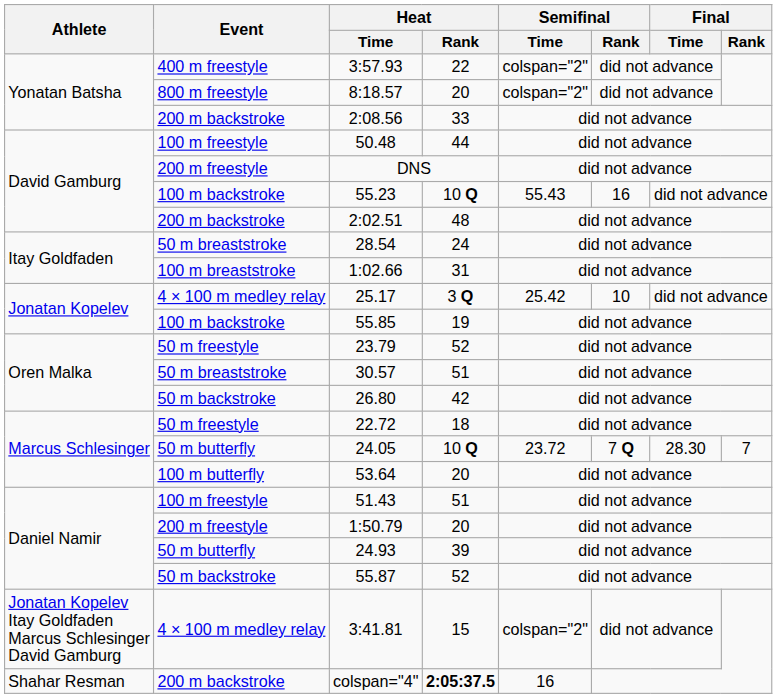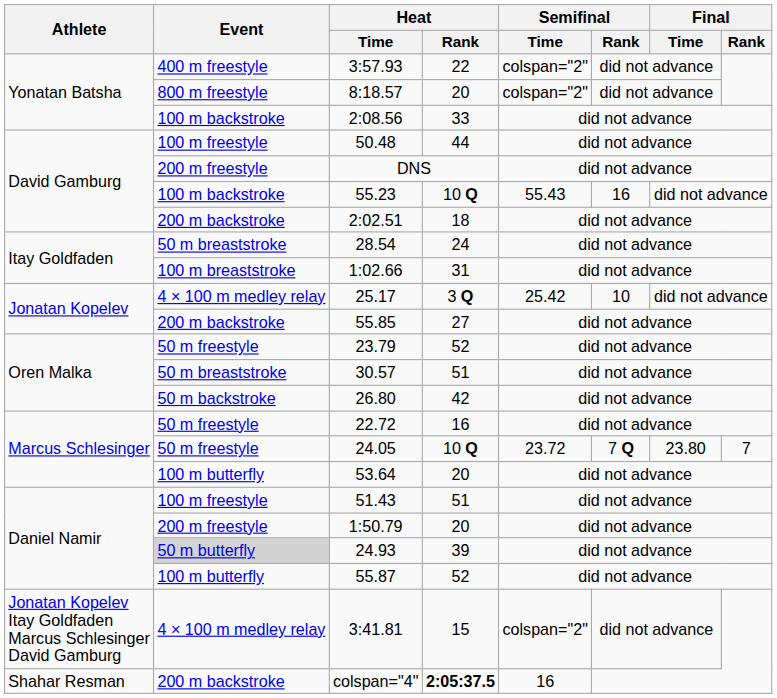 <table class=wikitable style="font-size:90%">
 <tr>
 <th rowspan="2">Athlete</th>
 <th rowspan="2">Event</th>
 <th colspan="2">Heat</th>
 <th colspan="2">Semifinal</th>
 <th colspan="2">Final</th>
 </tr>
 <tr style="font-size:95%">
 <th>Time</th>
 <th>Rank</th>
 <th>Time</th>
 <th>Rank</th>
 <th>Time</th>
 <th>Rank</th>
 </tr>
 <tr align=center>
 <td align=left rowspan="3">Yonatan Batsha</td>
 <td align=left><a href='#'>400 m freestyle</a></td>
 <td>3:57.93</td>
 <td>22</td>
 <td>colspan="2" </td>
 <td colspan="2">did not advance</td>
 </tr>
 <tr align=center>
 <td align=left><a href='#'>800 m freestyle</a></td>
 <td>8:18.57</td>
 <td>20</td>
 <td>colspan="2" </td>
 <td colspan="2">did not advance</td>
 </tr>
 <tr align=center>
-<td align=left><a href='#'>200 m backstroke</a></td>
+<td align=left><a href='#'>100 m backstroke</a></td>
 <td>2:08.56</td>
 <td>33</td>
 <td colspan="4">did not advance</td>
 </tr>
 <tr align=center>
 <td align=left rowspan="4">David Gamburg</td>
 <td align=left><a href='#'>100 m freestyle</a></td>
 <td>50.48</td>
 <td>44</td>
 <td colspan="4">did not advance</td>
 </tr>
 <tr align=center>
 <td align=left><a href='#'>200 m freestyle</a></td>
 <td colspan="2">DNS</td>
 <td colspan="4">did not advance</td>
 </tr>
 <tr align=center>
 <td align=left><a href='#'>100 m backstroke</a></td>
 <td>55.23</td>
 <td>10 <strong>Q</strong></td>
 <td>55.43</td>
 <td>16</td>
 <td colspan="2">did not advance</td>
 </tr>
 <tr align=center>
 <td align=left><a href='#'>200 m backstroke</a></td>
 <td>2:02.51</td>
-<td>48</td>
+<td>18</td>
 <td colspan="4">did not advance</td>
 </tr>
 <tr align=center>
 <td align=left rowspan="2">Itay Goldfaden</td>
 <td align=left><a href='#'>50 m breaststroke</a></td>
 <td>28.54</td>
 <td>24</td>
 <td colspan="4">did not advance</td>
 </tr>
 <tr align=center>
 <td align=left><a href='#'>100 m breaststroke</a></td>
 <td>1:02.66</td>
 <td>31</td>
 <td colspan="4">did not advance</td>
 </tr>
 <tr align=center>
 <td align=left rowspan="2"><a href='#'>Jonatan Kopelev</a></td>
 <td align=left><a href='#'>4 × 100 m medley relay</a></td>
 <td>25.17</td>
 <td>3 <strong>Q</strong></td>
 <td>25.42</td>
 <td>10</td>
 <td colspan="2">did not advance</td>
 </tr>
 <tr align=center>
-<td align=left><a href='#'>100 m backstroke</a></td>
+<td align=left><a href='#'>200 m backstroke</a></td>
 <td>55.85</td>
-<td>19</td>
+<td>27</td>
 <td colspan="4">did not advance</td>
 </tr>
 <tr align=center>
 <td align=left rowspan="3">Oren Malka</td>
 <td align=left><a href='#'>50 m freestyle</a></td>
 <td>23.79</td>
 <td>52</td>
 <td colspan="4">did not advance</td>
 </tr>
 <tr align=center>
 <td align=left><a href='#'>50 m breaststroke</a></td>
 <td>30.57</td>
 <td>51</td>
 <td colspan="4">did not advance</td>
 </tr>
 <tr align=center>
 <td align=left><a href='#'>50 m backstroke</a></td>
 <td>26.80</td>
 <td>42</td>
 <td colspan="4">did not advance</td>
 </tr>
 <tr align=center>
 <td align=left rowspan="3"><a href='#'>Marcus Schlesinger</a></td>
 <td align=left><a href='#'>50 m freestyle</a></td>
 <td>22.72</td>
-<td>18</td>
+<td>16</td>
 <td colspan="4">did not advance</td>
 </tr>
 <tr align=center>
-<td align=left><a href='#'>50 m butterfly</a></td>
+<td align=left><a href='#'>50 m freestyle</a></td>
 <td>24.05</td>
 <td>10 <strong>Q</strong></td>
 <td>23.72</td>
 <td>7 <strong>Q</strong></td>
-<td>28.30</td>
+<td>23.80</td>
 <td>7</td>
 </tr>
 <tr align=center>
 <td align=left><a href='#'>100 m butterfly</a></td>
 <td>53.64</td>
 <td>20</td>
 <td colspan="4">did not advance</td>
 </tr>
 <tr align=center>
 <td align=left rowspan="4">Daniel Namir</td>
 <td align=left><a href='#'>100 m freestyle</a></td>
 <td>51.43</td>
 <td>51</td>
 <td colspan="4">did not advance</td>
 </tr>
 <tr align=center>
 <td align=left><a href='#'>200 m freestyle</a></td>
 <td>1:50.79</td>
 <td>20</td>
 <td colspan="4">did not advance</td>
 </tr>
 <tr align=center>
-<td align=left><a href='#'>50 m butterfly</a></td>
+<td align=left style="background: lightgrey;"><a href='#'>50 m butterfly</a></td>
 <td>24.93</td>
 <td>39</td>
 <td colspan="4">did not advance</td>
 </tr>
 <tr align=center>
-<td align=left><a href='#'>50 m backstroke</a></td>
+<td align=left><a href='#'>100 m butterfly</a></td>
 <td>55.87</td>
 <td>52</td>
 <td colspan="4">did not advance</td>
 </tr>
 <tr align=center>
 <td align=left><a href='#'>Jonatan Kopelev</a><br>Itay Goldfaden<br>Marcus Schlesinger<br>David Gamburg</td>
 <td align=left><a href='#'>4 × 100 m medley relay</a></td>
 <td>3:41.81</td>
 <td>15</td>
 <td>colspan="2" </td>
 <td colspan="2">did not advance</td>
 </tr>
 <tr align=center>
 <td align=left>Shahar Resman</td>
 <td align=left><a href='#'>200 m backstroke</a></td>
 <td>colspan="4" </td>
 <td><strong>2:05:37.5</strong></td>
 <td>16</td>
 </tr>
 </table>
